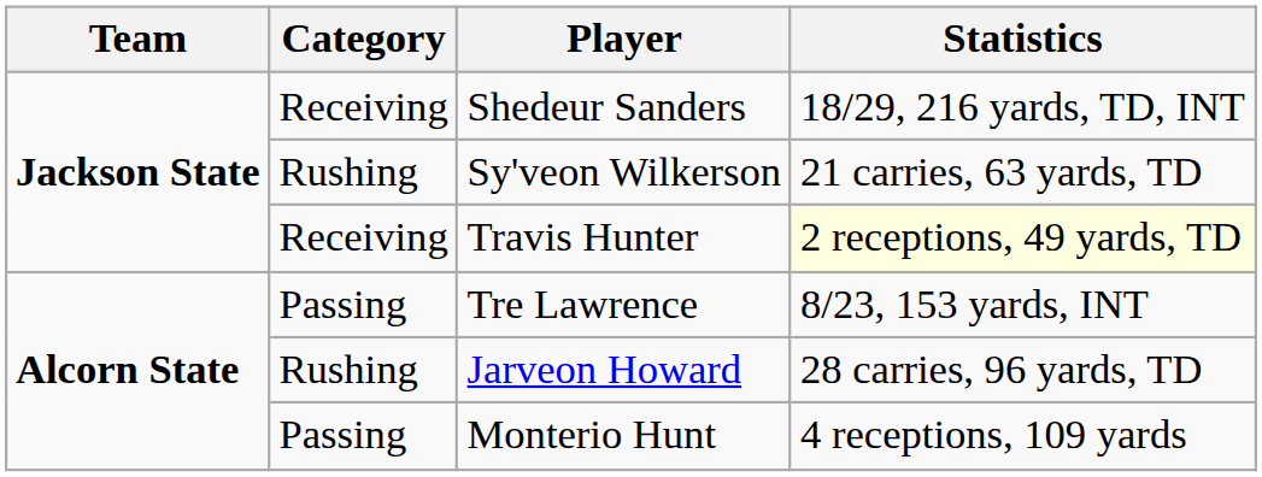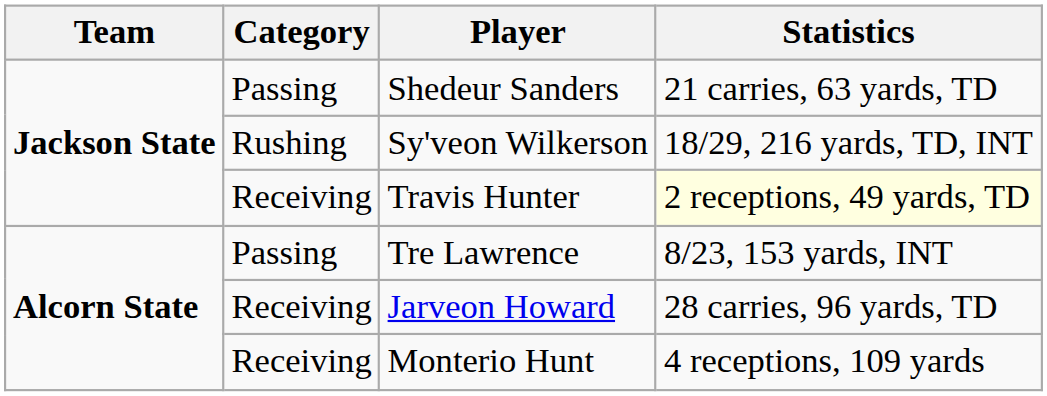 <table class="wikitable" style="float: left;">
 <tr>
 <th>Team</th>
 <th>Category</th>
 <th>Player</th>
 <th>Statistics</th>
 </tr>
 <tr>
 <td rowspan=3><strong>Jackson State</strong></td>
-<td>Receiving</td>
+<td>Passing</td>
 <td>Shedeur Sanders</td>
-<td>18/29, 216 yards, TD, INT</td>
+<td>21 carries, 63 yards, TD</td>
 </tr>
 <tr>
 <td>Rushing</td>
 <td>Sy'veon Wilkerson</td>
-<td>21 carries, 63 yards, TD</td>
+<td>18/29, 216 yards, TD, INT</td>
 </tr>
 <tr>
 <td>Receiving</td>
 <td>Travis Hunter</td>
 <td style="background: lightyellow;">2 receptions, 49 yards, TD</td>
 </tr>
 <tr>
 <td rowspan=3><strong>Alcorn State</strong></td>
 <td>Passing</td>
 <td>Tre Lawrence</td>
 <td>8/23, 153 yards, INT</td>
 </tr>
 <tr>
-<td>Rushing</td>
+<td>Receiving</td>
 <td><a href='#'>Jarveon Howard</a></td>
 <td>28 carries, 96 yards, TD</td>
 </tr>
 <tr>
-<td>Passing</td>
+<td>Receiving</td>
 <td>Monterio Hunt</td>
 <td>4 receptions, 109 yards</td>
 </tr>
 </table>
